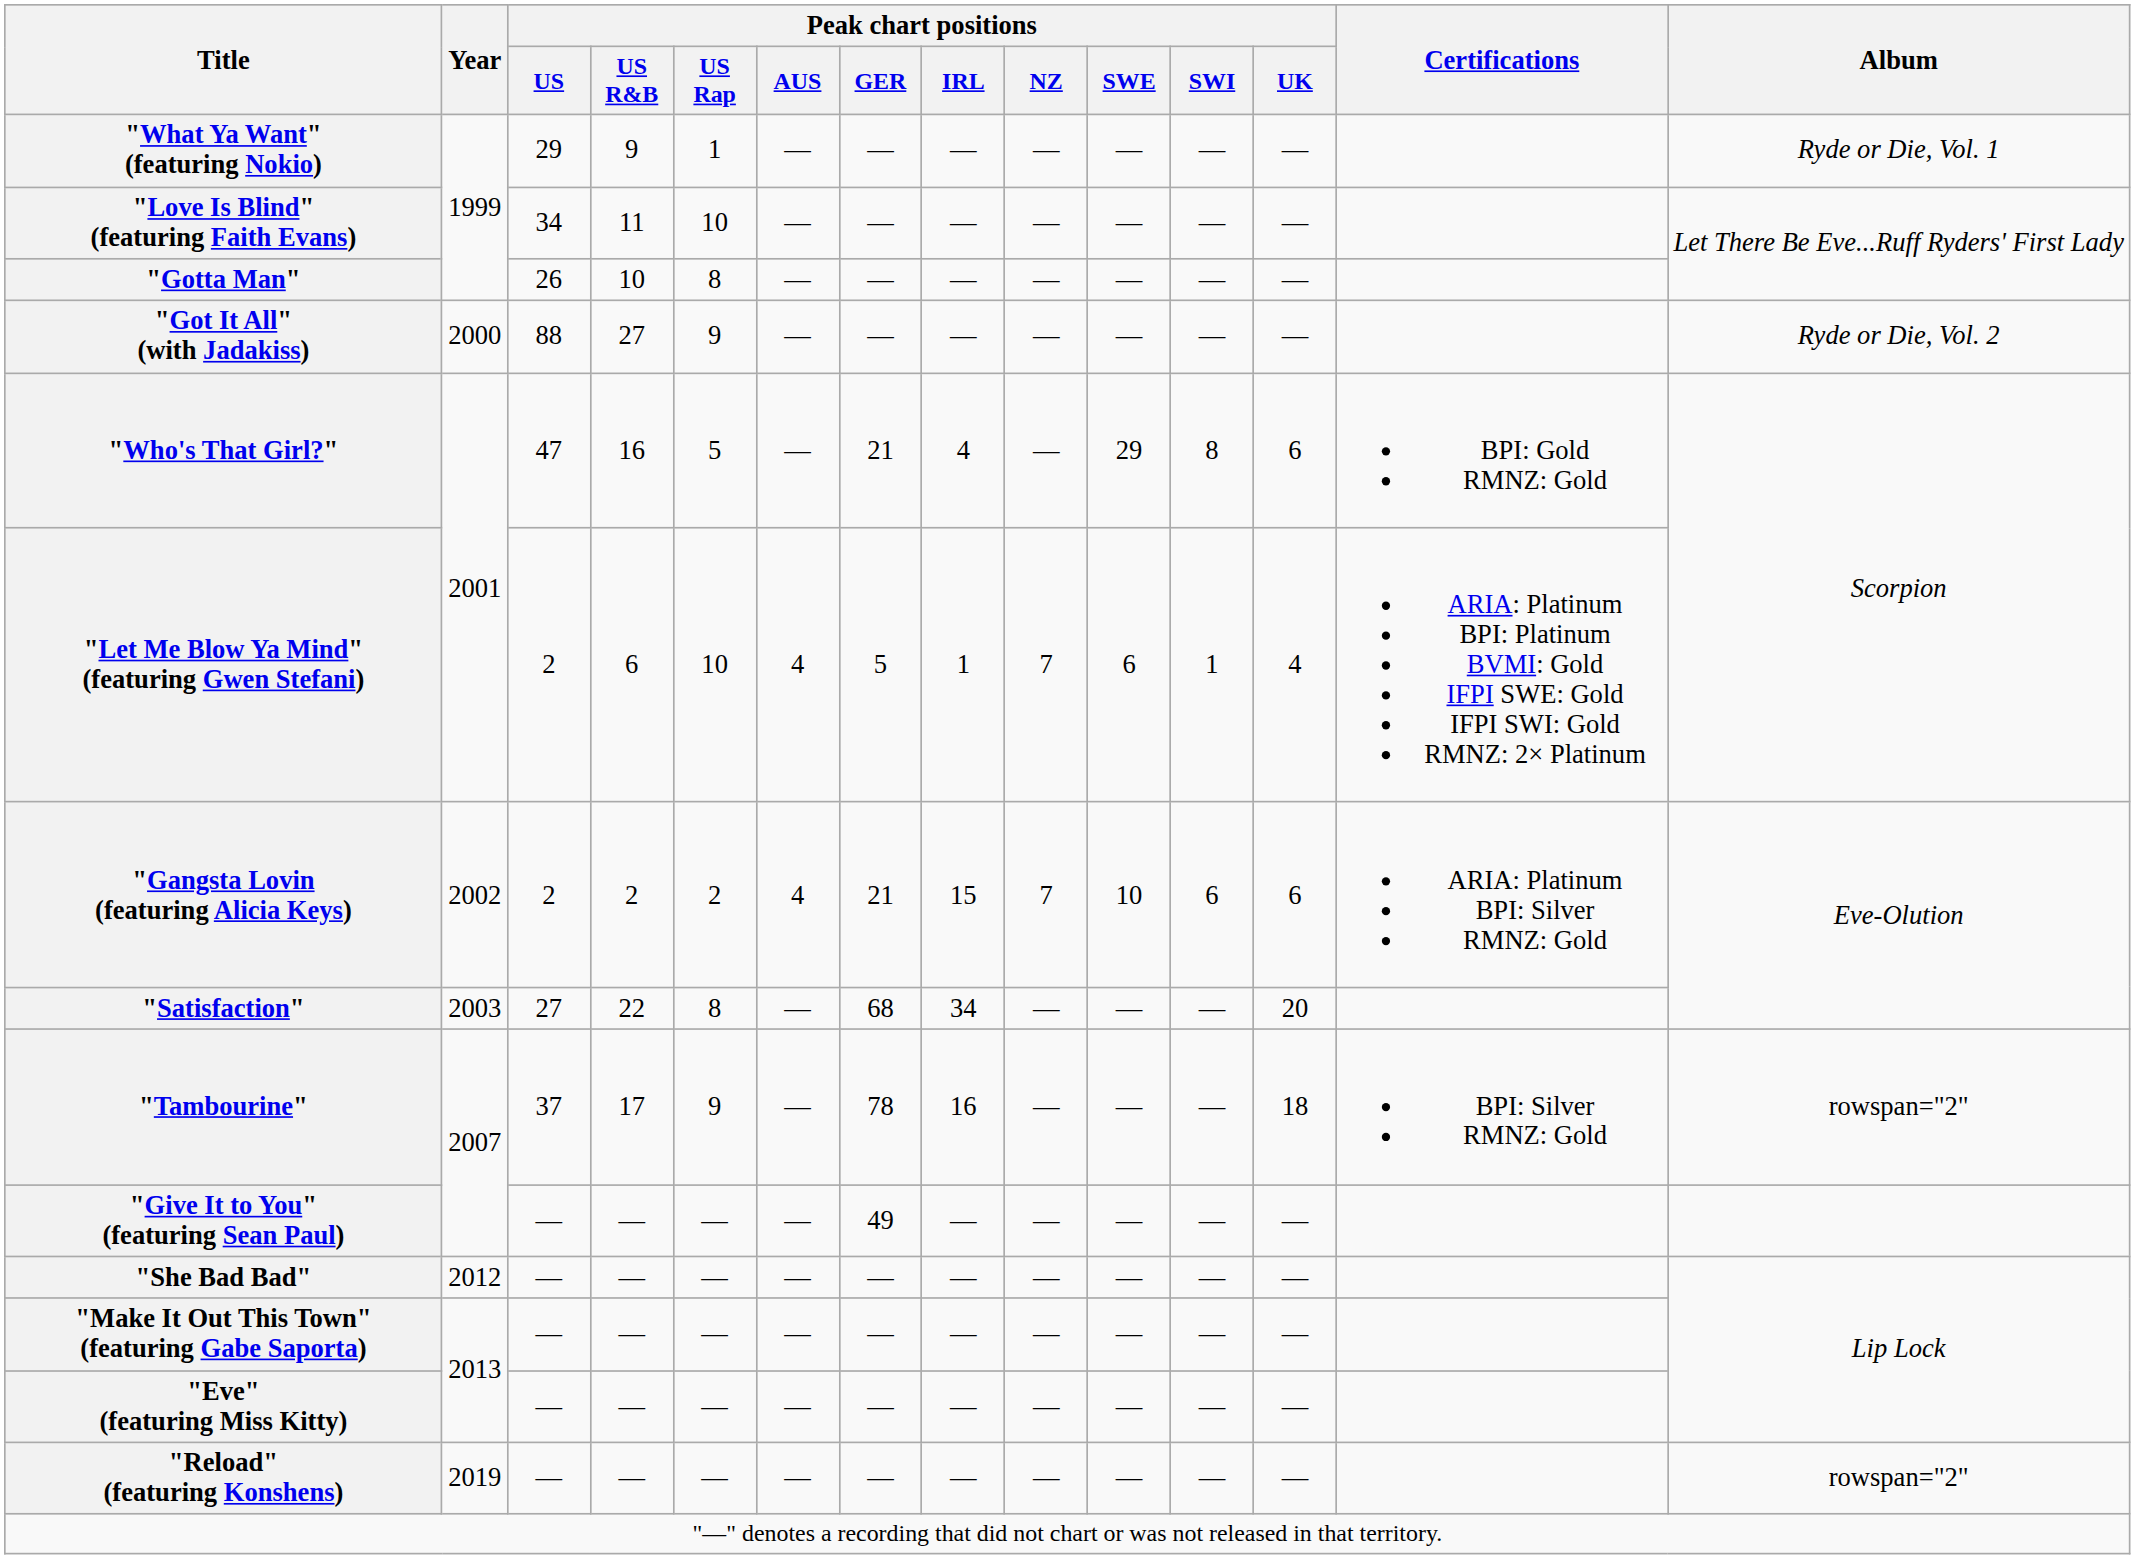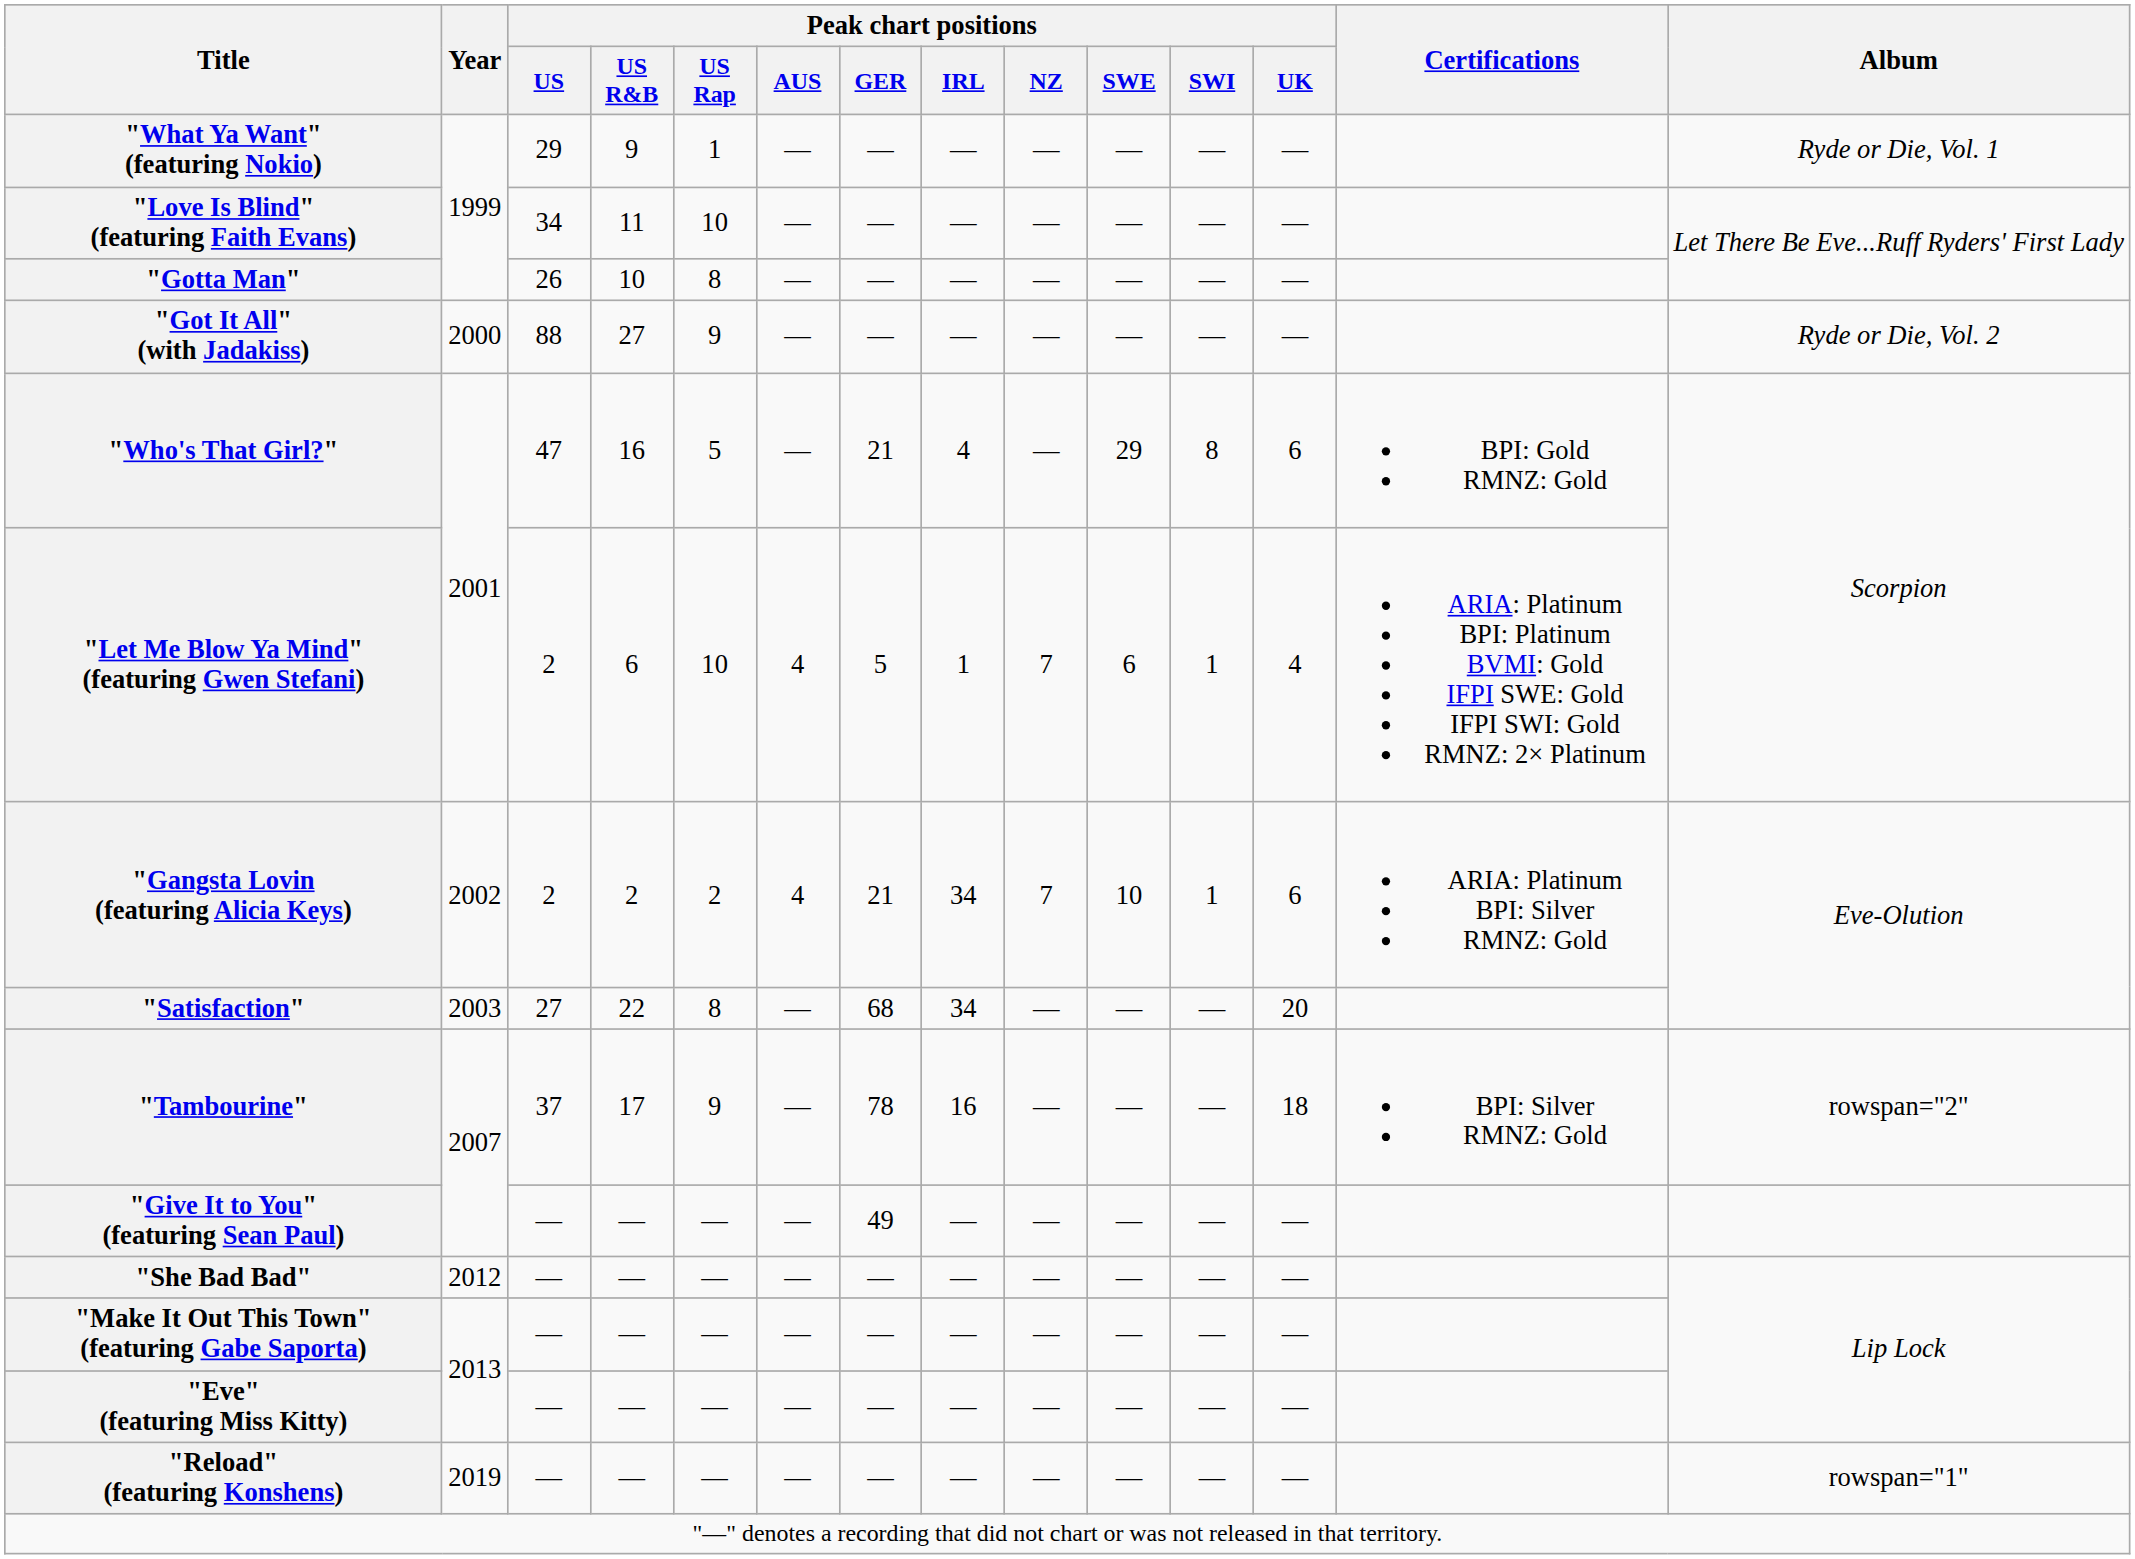 <table class="wikitable plainrowheaders" style="text-align:center;">
 <tr>
 <th scope="col" rowspan="2" style="width:16em;">Title</th>
 <th scope="col" rowspan="2">Year</th>
 <th scope="col" colspan="10">Peak chart positions</th>
 <th scope="col" rowspan="2" style="width:12em;"><a href='#'>Certifications</a></th>
 <th scope="col" rowspan="2">Album</th>
 </tr>
 <tr>
 <th scope="col" style="width:3em;font-size:90%"><a href='#'>US</a><br></th>
 <th scope="col" style="width:3em;font-size:90%"><a href='#'>US<br>R&B</a><br></th>
 <th scope="col" style="width:3em;font-size:90%"><a href='#'>US<br>Rap</a><br></th>
 <th scope="col" style="width:3em;font-size:90%"><a href='#'>AUS</a><br></th>
 <th scope="col" style="width:3em;font-size:90%"><a href='#'>GER</a><br></th>
 <th scope="col" style="width:3em;font-size:90%"><a href='#'>IRL</a><br></th>
 <th scope="col" style="width:3em;font-size:90%"><a href='#'>NZ</a><br></th>
 <th scope="col" style="width:3em;font-size:90%"><a href='#'>SWE</a><br></th>
 <th scope="col" style="width:3em;font-size:90%"><a href='#'>SWI</a><br></th>
 <th scope="col" style="width:3em;font-size:90%"><a href='#'>UK</a><br></th>
 </tr>
 <tr>
 <th scope="row">"<a href='#'>What Ya Want</a>"<br><span>(featuring <a href='#'>Nokio</a>)</span></th>
 <td rowspan="3">1999</td>
 <td>29</td>
 <td>9</td>
 <td>1</td>
 <td>—</td>
 <td>—</td>
 <td>—</td>
 <td>—</td>
 <td>—</td>
 <td>—</td>
 <td>—</td>
 <td></td>
 <td><em>Ryde or Die, Vol. 1</em></td>
 </tr>
 <tr>
 <th scope="row">"<a href='#'>Love Is Blind</a>"<br><span>(featuring <a href='#'>Faith Evans</a>)</span></th>
 <td>34</td>
 <td>11</td>
 <td>10</td>
 <td>—</td>
 <td>—</td>
 <td>—</td>
 <td>—</td>
 <td>—</td>
 <td>—</td>
 <td>—</td>
 <td></td>
 <td rowspan="2"><em>Let There Be Eve...Ruff Ryders' First Lady</em></td>
 </tr>
 <tr>
 <th scope="row">"<a href='#'>Gotta Man</a>"</th>
 <td>26</td>
 <td>10</td>
 <td>8</td>
 <td>—</td>
 <td>—</td>
 <td>—</td>
 <td>—</td>
 <td>—</td>
 <td>—</td>
 <td>—</td>
 <td></td>
 </tr>
 <tr>
 <th scope="row">"<a href='#'>Got It All</a>"<br><span>(with <a href='#'>Jadakiss</a>)</span></th>
 <td>2000</td>
 <td>88</td>
 <td>27</td>
 <td>9</td>
 <td>—</td>
 <td>—</td>
 <td>—</td>
 <td>—</td>
 <td>—</td>
 <td>—</td>
 <td>—</td>
 <td></td>
 <td><em>Ryde or Die, Vol. 2</em></td>
 </tr>
 <tr>
 <th scope="row">"<a href='#'>Who's That Girl?</a>"</th>
 <td rowspan="2">2001</td>
 <td>47</td>
 <td>16</td>
 <td>5</td>
 <td>—</td>
 <td>21</td>
 <td>4</td>
 <td>—</td>
 <td>29</td>
 <td>8</td>
 <td>6</td>
 <td><br><ul><li>BPI: Gold</li><li>RMNZ: Gold</li></ul></td>
 <td rowspan="2"><em>Scorpion</em></td>
 </tr>
 <tr>
 <th scope="row">"<a href='#'>Let Me Blow Ya Mind</a>"<br><span>(featuring <a href='#'>Gwen Stefani</a>)</span></th>
 <td>2</td>
 <td>6</td>
 <td>10</td>
 <td>4</td>
 <td>5</td>
 <td>1</td>
 <td>7</td>
 <td>6</td>
 <td>1</td>
 <td>4</td>
 <td><br><ul><li><a href='#'>ARIA</a>: Platinum</li><li>BPI: Platinum</li><li><a href='#'>BVMI</a>: Gold</li><li><a href='#'>IFPI</a> SWE: Gold</li><li>IFPI SWI: Gold</li><li>RMNZ: 2× Platinum</li></ul></td>
 </tr>
 <tr>
 <th scope="row">"<a href='#'>Gangsta Lovin</a><br><span>(featuring <a href='#'>Alicia Keys</a>)</span></th>
 <td>2002</td>
 <td>2</td>
 <td>2</td>
 <td>2</td>
 <td>4</td>
 <td>21</td>
-<td>15</td>
+<td>34</td>
 <td>7</td>
 <td>10</td>
-<td>6</td>
+<td>1</td>
 <td>6</td>
 <td><br><ul><li>ARIA: Platinum</li><li>BPI: Silver</li><li>RMNZ: Gold</li></ul></td>
 <td rowspan="2"><em>Eve-Olution</em></td>
 </tr>
 <tr>
 <th scope="row">"<a href='#'>Satisfaction</a>"</th>
 <td>2003</td>
 <td>27</td>
 <td>22</td>
 <td>8</td>
 <td>—</td>
 <td>68</td>
 <td>34</td>
 <td>—</td>
 <td>—</td>
 <td>—</td>
 <td>20</td>
 <td></td>
 </tr>
 <tr>
 <th scope="row">"<a href='#'>Tambourine</a>"</th>
 <td rowspan="2">2007</td>
 <td>37</td>
 <td>17</td>
 <td>9</td>
 <td>—</td>
 <td>78</td>
 <td>16</td>
 <td>—</td>
 <td>—</td>
 <td>—</td>
 <td>18</td>
 <td><br><ul><li>BPI: Silver</li><li>RMNZ: Gold</li></ul></td>
 <td>rowspan="2" </td>
 </tr>
 <tr>
 <th scope="row">"<a href='#'>Give It to You</a>"<br><span>(featuring <a href='#'>Sean Paul</a>)</span></th>
 <td>—</td>
 <td>—</td>
 <td>—</td>
 <td>—</td>
 <td>49</td>
 <td>—</td>
 <td>—</td>
 <td>—</td>
 <td>—</td>
 <td>—</td>
 <td></td>
 </tr>
 <tr>
 <th scope="row">"She Bad Bad"</th>
 <td>2012</td>
 <td>—</td>
 <td>—</td>
 <td>—</td>
 <td>—</td>
 <td>—</td>
 <td>—</td>
 <td>—</td>
 <td>—</td>
 <td>—</td>
 <td>—</td>
 <td></td>
 <td rowspan="3"><em>Lip Lock</em></td>
 </tr>
 <tr>
 <th scope="row">"Make It Out This Town"<br><span>(featuring <a href='#'>Gabe Saporta</a>)</span></th>
 <td rowspan="2">2013</td>
 <td>—</td>
 <td>—</td>
 <td>—</td>
 <td>—</td>
 <td>—</td>
 <td>—</td>
 <td>—</td>
 <td>—</td>
 <td>—</td>
 <td>—</td>
 <td></td>
 </tr>
 <tr>
 <th scope="row">"Eve"<br><span>(featuring Miss Kitty)</span></th>
 <td>—</td>
 <td>—</td>
 <td>—</td>
 <td>—</td>
 <td>—</td>
 <td>—</td>
 <td>—</td>
 <td>—</td>
 <td>—</td>
 <td>—</td>
 <td></td>
 </tr>
 <tr>
 <th scope="row">"Reload"<br><span>(featuring <a href='#'>Konshens</a>)</span></th>
 <td>2019</td>
 <td>—</td>
 <td>—</td>
 <td>—</td>
 <td>—</td>
 <td>—</td>
 <td>—</td>
 <td>—</td>
 <td>—</td>
 <td>—</td>
 <td>—</td>
 <td></td>
-<td>rowspan="2" </td>
+<td>rowspan="1" </td>
 </tr>
 <tr>
 <td colspan="14" style="font-size:90%">"—" denotes a recording that did not chart or was not released in that territory.</td>
 </tr>
 </table>
